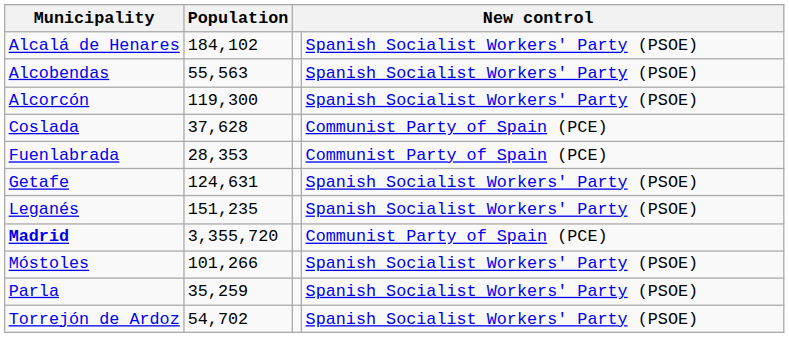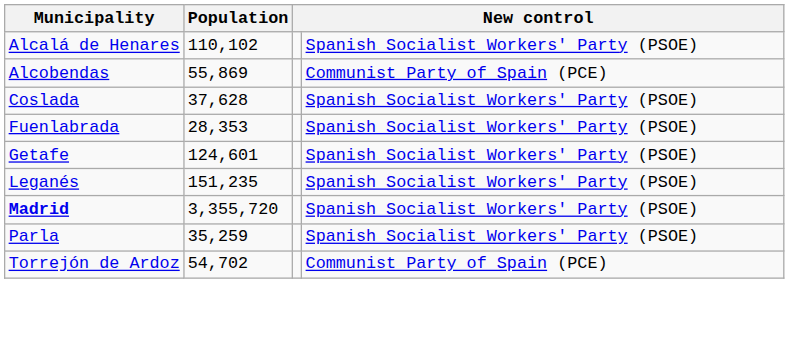 <table class="wikitable sortable">
 <tr>
 <th>Municipality</th>
 <th>Population</th>
 <th colspan="2" style="width:375px;">New control</th>
 </tr>
 <tr>
 <td><a href='#'>Alcalá de Henares</a></td>
-<td>184,102</td>
+<td>110,102</td>
 <td width="1" style="color:inherit;background:"></td>
 <td><a href='#'>Spanish Socialist Workers' Party</a> (PSOE)</td>
 </tr>
 <tr>
 <td><a href='#'>Alcobendas</a></td>
-<td>55,563</td>
+<td>55,869</td>
 <td style="color:inherit;background:"></td>
-<td><a href='#'>Spanish Socialist Workers' Party</a> (PSOE)</td>
-</tr>
-<tr>
-<td><a href='#'>Alcorcón</a></td>
-<td>119,300</td>
-<td style="color:inherit;background:"></td>
-<td><a href='#'>Spanish Socialist Workers' Party</a> (PSOE)</td>
+<td><a href='#'>Communist Party of Spain</a> (PCE) </td>
 </tr>
 <tr>
 <td><a href='#'>Coslada</a></td>
 <td>37,628</td>
 <td style="color:inherit;background:"></td>
-<td><a href='#'>Communist Party of Spain</a> (PCE) </td>
+<td><a href='#'>Spanish Socialist Workers' Party</a> (PSOE)</td>
 </tr>
 <tr>
 <td><a href='#'>Fuenlabrada</a></td>
 <td>28,353</td>
 <td style="color:inherit;background:"></td>
-<td><a href='#'>Communist Party of Spain</a> (PCE) </td>
+<td><a href='#'>Spanish Socialist Workers' Party</a> (PSOE)</td>
 </tr>
 <tr>
 <td><a href='#'>Getafe</a></td>
-<td>124,631</td>
+<td>124,601</td>
 <td style="color:inherit;background:"></td>
 <td><a href='#'>Spanish Socialist Workers' Party</a> (PSOE)</td>
 </tr>
 <tr>
 <td><a href='#'>Leganés</a></td>
 <td>151,235</td>
 <td style="color:inherit;background:"></td>
 <td><a href='#'>Spanish Socialist Workers' Party</a> (PSOE)</td>
 </tr>
 <tr>
 <td><strong><a href='#'>Madrid</a></strong></td>
 <td>3,355,720</td>
 <td style="color:inherit;background:"></td>
-<td><a href='#'>Communist Party of Spain</a> (PCE) </td>
-</tr>
-<tr>
-<td><a href='#'>Móstoles</a></td>
-<td>101,266</td>
-<td style="color:inherit;background:"></td>
 <td><a href='#'>Spanish Socialist Workers' Party</a> (PSOE)</td>
 </tr>
 <tr>
 <td><a href='#'>Parla</a></td>
 <td>35,259</td>
 <td style="color:inherit;background:"></td>
 <td><a href='#'>Spanish Socialist Workers' Party</a> (PSOE)</td>
 </tr>
 <tr>
 <td><a href='#'>Torrejón de Ardoz</a></td>
 <td>54,702</td>
 <td style="color:inherit;background:"></td>
-<td><a href='#'>Spanish Socialist Workers' Party</a> (PSOE)</td>
+<td><a href='#'>Communist Party of Spain</a> (PCE) </td>
 </tr>
 </table>
